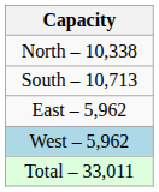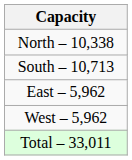 <table class="wikitable" style="text-align: center; width: 125px">
 <tr>
 <th>Capacity</th>
 </tr>
 <tr>
 <td>North – 10,338</td>
 </tr>
 <tr>
 <td>South – 10,713</td>
 </tr>
 <tr>
 <td>East – 5,962</td>
 </tr>
 <tr>
-<td style="background: lightblue;">West – 5,962</td>
+<td>West – 5,962</td>
 </tr>
 <tr bgcolor="#ddffdd">
 <td>Total – 33,011</td>
 </tr>
 </table>
